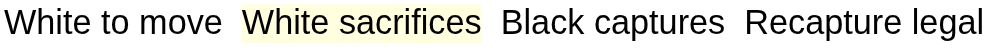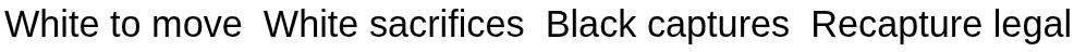 <table border="0" cellspacing="0" cellpadding="0">
 <tr valign="top">
 <td><br></td>
 <td>  </td>
 <td><br></td>
 <td>  </td>
 <td><br></td>
 <td>  </td>
 <td><br></td>
 </tr>
 <tr valign="top">
 <td>White to move</td>
 <td>  </td>
-<td style="background: lightyellow;">White sacrifices</td>
+<td>White sacrifices</td>
 <td>  </td>
 <td>Black captures</td>
 <td>  </td>
 <td>Recapture legal</td>
 </tr>
 </table>
